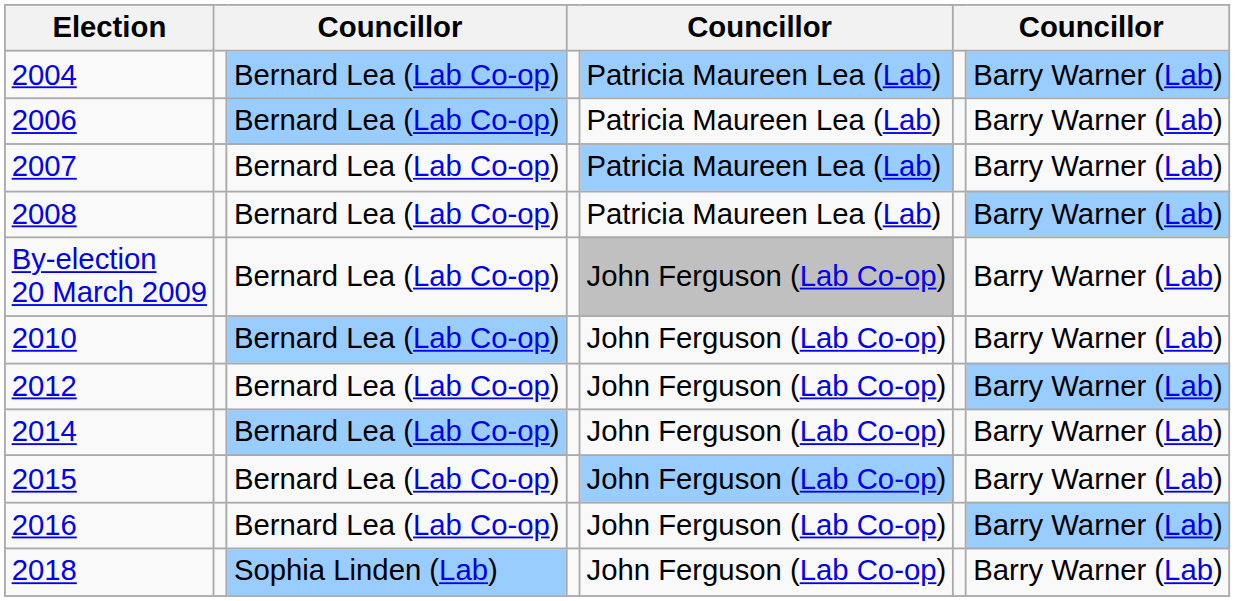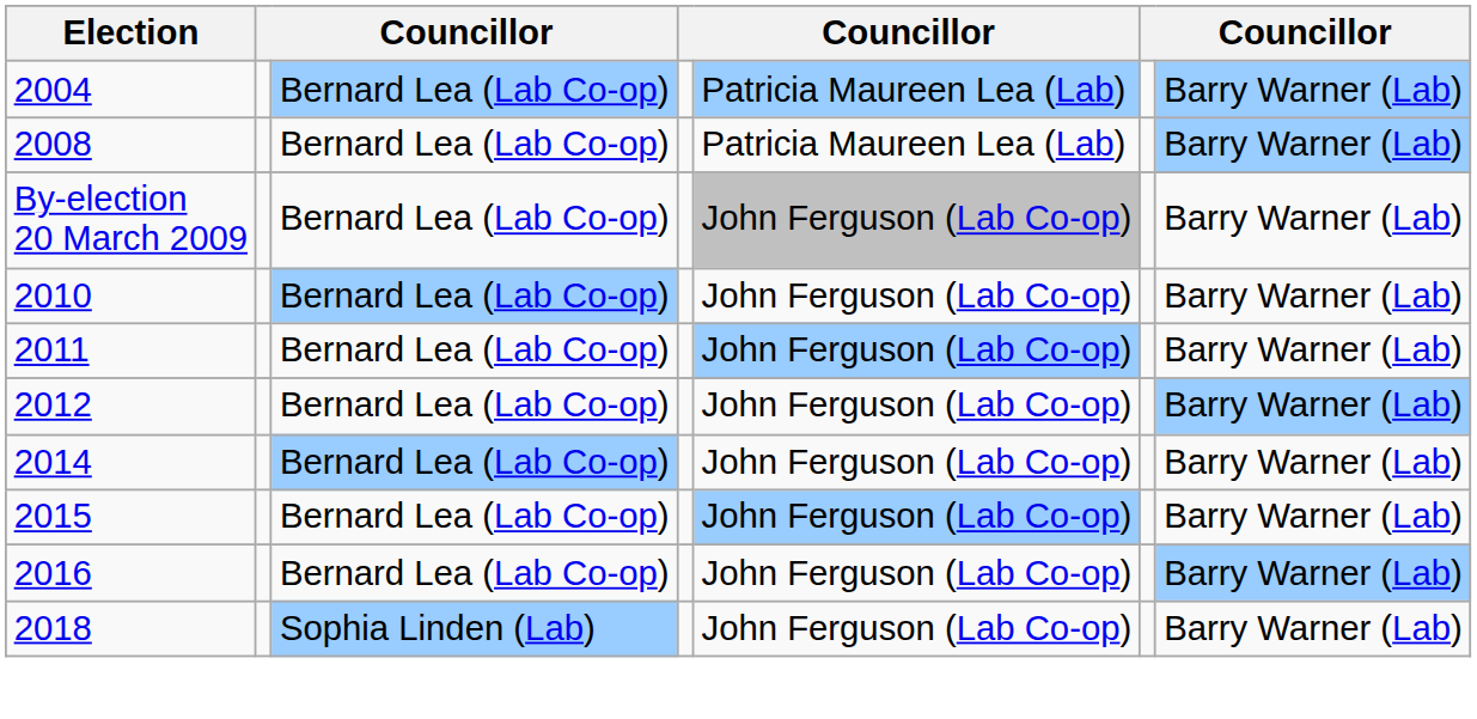 <table class="wikitable">
 <tr>
 <th>Election</th>
 <th colspan="2">Councillor</th>
 <th colspan="2">Councillor</th>
 <th colspan="2">Councillor</th>
 </tr>
 <tr>
 <td><a href='#'>2004</a></td>
 <td style="background-color: "></td>
 <td bgcolor="#99CCFF">Bernard Lea (<a href='#'>Lab Co-op</a>)</td>
 <td style="background-color: "></td>
 <td bgcolor="#99CCFF">Patricia Maureen Lea (<a href='#'>Lab</a>)</td>
 <td style="background-color: "></td>
 <td bgcolor="#99CCFF">Barry Warner (<a href='#'>Lab</a>)</td>
-</tr>
-<tr>
-<td><a href='#'>2006</a></td>
-<td style="background-color: "></td>
-<td bgcolor="#99CCFF">Bernard Lea (<a href='#'>Lab Co-op</a>)</td>
-<td style="background-color: "></td>
-<td>Patricia Maureen Lea (<a href='#'>Lab</a>)</td>
-<td style="background-color: "></td>
-<td>Barry Warner (<a href='#'>Lab</a>)</td>
-</tr>
-<tr>
-<td><a href='#'>2007</a></td>
-<td style="background-color: "></td>
-<td>Bernard Lea (<a href='#'>Lab Co-op</a>)</td>
-<td style="background-color: "></td>
-<td bgcolor="#99CCFF">Patricia Maureen Lea (<a href='#'>Lab</a>)</td>
-<td style="background-color: "></td>
-<td>Barry Warner (<a href='#'>Lab</a>)</td>
 </tr>
 <tr>
 <td><a href='#'>2008</a></td>
 <td style="background-color: "></td>
 <td>Bernard Lea (<a href='#'>Lab Co-op</a>)</td>
 <td style="background-color: "></td>
 <td>Patricia Maureen Lea (<a href='#'>Lab</a>)</td>
 <td style="background-color: "></td>
 <td bgcolor="#99CCFF">Barry Warner (<a href='#'>Lab</a>)</td>
 </tr>
 <tr>
 <td><a href='#'>By-election<br>20 March 2009</a></td>
 <td style="background-color: "></td>
 <td>Bernard Lea (<a href='#'>Lab Co-op</a>)</td>
 <td style="background-color: "></td>
 <td bgcolor="#C0C0C0">John Ferguson (<a href='#'>Lab Co-op</a>)</td>
 <td style="background-color: "></td>
 <td>Barry Warner (<a href='#'>Lab</a>)</td>
 </tr>
 <tr>
 <td><a href='#'>2010</a></td>
 <td style="background-color: "></td>
 <td bgcolor="#99CCFF">Bernard Lea (<a href='#'>Lab Co-op</a>)</td>
 <td style="background-color: "></td>
 <td>John Ferguson (<a href='#'>Lab Co-op</a>)</td>
+<td style="background-color: "></td>
+<td>Barry Warner (<a href='#'>Lab</a>)</td>
+</tr>
+<tr>
+<td><a href='#'>2011</a></td>
+<td style="background-color: "></td>
+<td>Bernard Lea (<a href='#'>Lab Co-op</a>)</td>
+<td style="background-color: "></td>
+<td bgcolor="#99CCFF">John Ferguson (<a href='#'>Lab Co-op</a>)</td>
 <td style="background-color: "></td>
 <td>Barry Warner (<a href='#'>Lab</a>)</td>
 </tr>
 <tr>
 <td><a href='#'>2012</a></td>
 <td style="background-color: "></td>
 <td>Bernard Lea (<a href='#'>Lab Co-op</a>)</td>
 <td style="background-color: "></td>
 <td>John Ferguson (<a href='#'>Lab Co-op</a>)</td>
 <td style="background-color: "></td>
 <td bgcolor="#99CCFF">Barry Warner (<a href='#'>Lab</a>)</td>
 </tr>
 <tr>
 <td><a href='#'>2014</a></td>
 <td style="background-color: "></td>
 <td bgcolor="#99CCFF">Bernard Lea (<a href='#'>Lab Co-op</a>)</td>
 <td style="background-color: "></td>
 <td>John Ferguson (<a href='#'>Lab Co-op</a>)</td>
 <td style="background-color: "></td>
 <td>Barry Warner (<a href='#'>Lab</a>)</td>
 </tr>
 <tr>
 <td><a href='#'>2015</a></td>
 <td style="background-color: "></td>
 <td>Bernard Lea (<a href='#'>Lab Co-op</a>)</td>
 <td style="background-color: "></td>
 <td bgcolor="#99CCFF">John Ferguson (<a href='#'>Lab Co-op</a>)</td>
 <td style="background-color: "></td>
 <td>Barry Warner (<a href='#'>Lab</a>)</td>
 </tr>
 <tr>
 <td><a href='#'>2016</a></td>
 <td style="background-color: "></td>
 <td>Bernard Lea (<a href='#'>Lab Co-op</a>)</td>
 <td style="background-color: "></td>
 <td>John Ferguson (<a href='#'>Lab Co-op</a>)</td>
 <td style="background-color: "></td>
 <td bgcolor="#99CCFF">Barry Warner (<a href='#'>Lab</a>)</td>
 </tr>
 <tr>
 <td><a href='#'>2018</a></td>
 <td style="background-color: "></td>
 <td bgcolor="#99CCFF">Sophia Linden (<a href='#'>Lab</a>)</td>
 <td style="background-color: "></td>
 <td>John Ferguson (<a href='#'>Lab Co-op</a>)</td>
 <td style="background-color: "></td>
 <td>Barry Warner (<a href='#'>Lab</a>)</td>
 </tr>
 </table>
